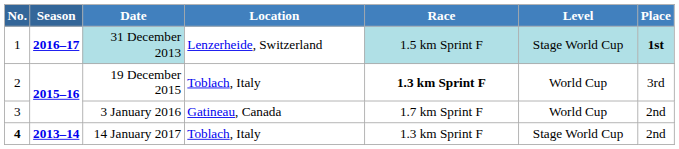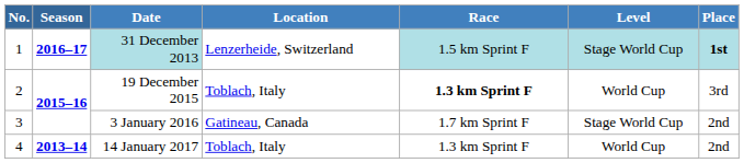 <table class="wikitable sortable" style="font-size:95%; text-align:center; border:grey solid 1px; border-collapse:collapse; background:#ffffff;">
 <tr style="background:#efefef;">
 <th style="background-color:#369; color:white;">No.</th>
 <th style="background-color:#369; color:white;">Season</th>
 <th style="background-color:#4180be; color:white; width:110px;">Date</th>
 <th style="background-color:#4180be; color:white; width:200px;">Location</th>
 <th style="background-color:#4180be; color:white; width:170px;">Race</th>
 <th style="background-color:#4180be; color:white; width:130px;">Level</th>
 <th style="background-color:#4180be; color:white;">Place</th>
 </tr>
 <tr>
 <td align=center>1</td>
 <td rowspan=1 align=center><strong><a href='#'>2016–17</a></strong></td>
 <td bgcolor="#BOEOE6" align=right>31 December 2013</td>
 <td align=left> <a href='#'>Lenzerheide</a>, Switzerland</td>
 <td bgcolor="#BOEOE6">1.5 km Sprint F</td>
 <td bgcolor="#BOEOE6">Stage World Cup</td>
 <td bgcolor="#BOEOE6"><strong>1st</strong></td>
 </tr>
 <tr>
 <td align=center>2</td>
 <td rowspan=2 align=center><strong><a href='#'>2015–16</a></strong></td>
 <td align=right>19 December 2015</td>
 <td align=left>  <a href='#'>Toblach</a>, Italy</td>
 <td><strong>1.3 km Sprint F</strong></td>
 <td>World Cup</td>
 <td>3rd</td>
 </tr>
 <tr>
 <td align=center>3</td>
 <td align=right>3 January 2016</td>
 <td align=left> <a href='#'>Gatineau</a>, Canada</td>
 <td>1.7 km Sprint F</td>
-<td>World Cup</td>
+<td>Stage World Cup</td>
 <td>2nd</td>
 </tr>
 <tr>
-<td align=center><strong>4</strong></td>
+<td align=center>4</td>
 <td rowspan=1 align=center><strong><a href='#'>2013–14</a></strong></td>
 <td align=right>14 January 2017</td>
 <td align=left>  <a href='#'>Toblach</a>, Italy</td>
 <td>1.3 km Sprint F</td>
-<td>Stage World Cup</td>
+<td>World Cup</td>
 <td>2nd</td>
 </tr>
 </table>
